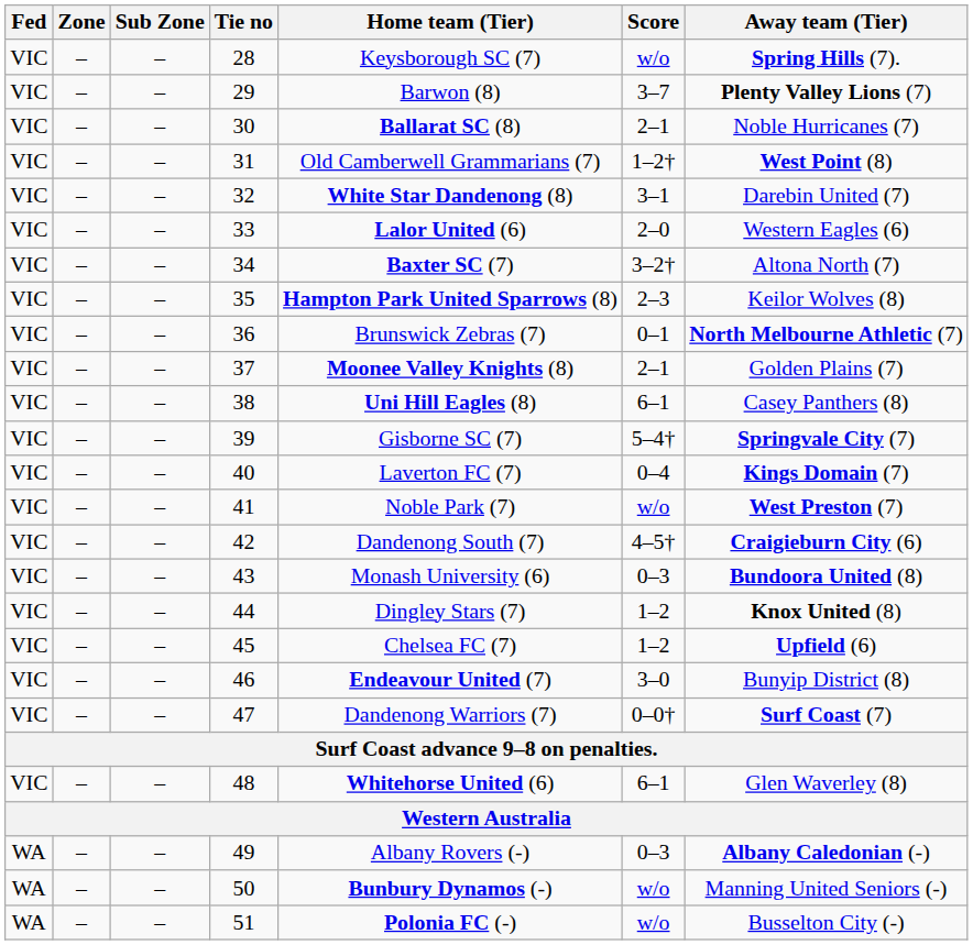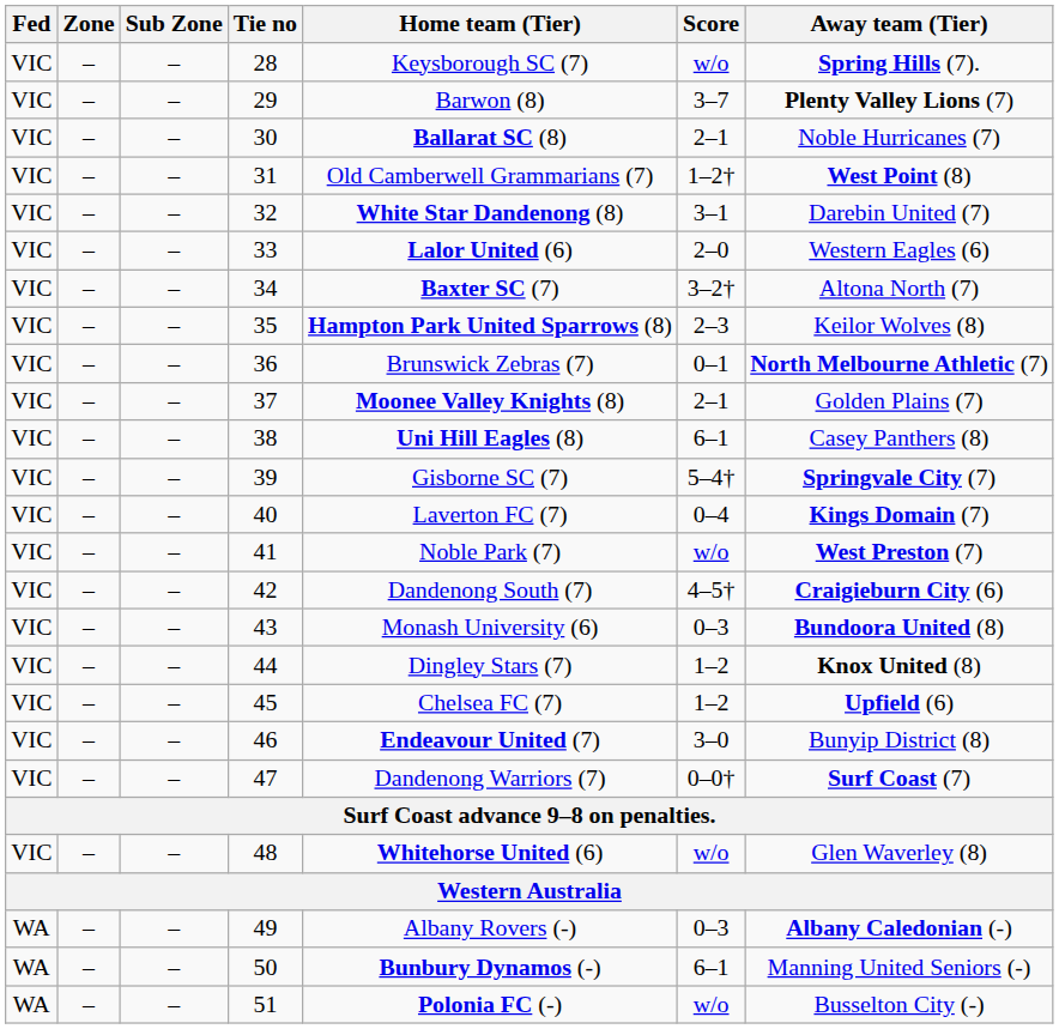 <table class="wikitable" style="text-align:center">
 <tr>
 <th>Fed</th>
 <th>Zone</th>
 <th>Sub Zone</th>
 <th>Tie no</th>
 <th>Home team (Tier)</th>
 <th>Score</th>
 <th>Away team (Tier)</th>
 </tr>
 <tr>
 <td>VIC</td>
 <td>–</td>
 <td>–</td>
 <td>28</td>
 <td><a href='#'>Keysborough SC</a> (7)</td>
 <td><a href='#'>w/o</a></td>
 <td><strong><a href='#'>Spring Hills</a></strong> (7).</td>
 </tr>
 <tr>
 <td>VIC</td>
 <td>–</td>
 <td>–</td>
 <td>29</td>
 <td><a href='#'>Barwon</a> (8)</td>
 <td>3–7</td>
 <td><strong>Plenty Valley Lions</strong> (7)</td>
 </tr>
 <tr>
 <td>VIC</td>
 <td>–</td>
 <td>–</td>
 <td>30</td>
 <td><strong><a href='#'>Ballarat SC</a></strong> (8)</td>
 <td>2–1</td>
 <td><a href='#'>Noble Hurricanes</a> (7)</td>
 </tr>
 <tr>
 <td>VIC</td>
 <td>–</td>
 <td>–</td>
 <td>31</td>
 <td><a href='#'>Old Camberwell Grammarians</a> (7)</td>
 <td>1–2†</td>
 <td><strong><a href='#'>West Point</a></strong> (8)</td>
 </tr>
 <tr>
 <td>VIC</td>
 <td>–</td>
 <td>–</td>
 <td>32</td>
 <td><strong><a href='#'>White Star Dandenong</a></strong> (8)</td>
 <td>3–1</td>
 <td><a href='#'>Darebin United</a> (7)</td>
 </tr>
 <tr>
 <td>VIC</td>
 <td>–</td>
 <td>–</td>
 <td>33</td>
 <td><strong><a href='#'>Lalor United</a></strong> (6)</td>
 <td>2–0</td>
 <td><a href='#'>Western Eagles</a> (6)</td>
 </tr>
 <tr>
 <td>VIC</td>
 <td>–</td>
 <td>–</td>
 <td>34</td>
 <td><strong><a href='#'>Baxter SC</a></strong> (7)</td>
 <td>3–2†</td>
 <td><a href='#'>Altona North</a> (7)</td>
 </tr>
 <tr>
 <td>VIC</td>
 <td>–</td>
 <td>–</td>
 <td>35</td>
 <td><strong><a href='#'>Hampton Park United Sparrows</a></strong> (8)</td>
 <td>2–3</td>
 <td><a href='#'>Keilor Wolves</a> (8)</td>
 </tr>
 <tr>
 <td>VIC</td>
 <td>–</td>
 <td>–</td>
 <td>36</td>
 <td><a href='#'>Brunswick Zebras</a> (7)</td>
 <td>0–1</td>
 <td><strong><a href='#'>North Melbourne Athletic</a></strong> (7)</td>
 </tr>
 <tr>
 <td>VIC</td>
 <td>–</td>
 <td>–</td>
 <td>37</td>
 <td><strong><a href='#'>Moonee Valley Knights</a></strong> (8)</td>
 <td>2–1</td>
 <td><a href='#'>Golden Plains</a> (7)</td>
 </tr>
 <tr>
 <td>VIC</td>
 <td>–</td>
 <td>–</td>
 <td>38</td>
 <td><strong><a href='#'>Uni Hill Eagles</a></strong> (8)</td>
 <td>6–1</td>
 <td><a href='#'>Casey Panthers</a> (8)</td>
 </tr>
 <tr>
 <td>VIC</td>
 <td>–</td>
 <td>–</td>
 <td>39</td>
 <td><a href='#'>Gisborne SC</a> (7)</td>
 <td>5–4†</td>
 <td><strong><a href='#'>Springvale City</a></strong> (7)</td>
 </tr>
 <tr>
 <td>VIC</td>
 <td>–</td>
 <td>–</td>
 <td>40</td>
 <td><a href='#'>Laverton FC</a> (7)</td>
 <td>0–4</td>
 <td><strong><a href='#'>Kings Domain</a></strong> (7)</td>
 </tr>
 <tr>
 <td>VIC</td>
 <td>–</td>
 <td>–</td>
 <td>41</td>
 <td><a href='#'>Noble Park</a> (7)</td>
 <td><a href='#'>w/o</a></td>
 <td><strong><a href='#'>West Preston</a></strong> (7)</td>
 </tr>
 <tr>
 <td>VIC</td>
 <td>–</td>
 <td>–</td>
 <td>42</td>
 <td><a href='#'>Dandenong South</a> (7)</td>
 <td>4–5†</td>
 <td><strong><a href='#'>Craigieburn City</a></strong> (6)</td>
 </tr>
 <tr>
 <td>VIC</td>
 <td>–</td>
 <td>–</td>
 <td>43</td>
 <td><a href='#'>Monash University</a> (6)</td>
 <td>0–3</td>
 <td><strong><a href='#'>Bundoora United</a></strong> (8)</td>
 </tr>
 <tr>
 <td>VIC</td>
 <td>–</td>
 <td>–</td>
 <td>44</td>
 <td><a href='#'>Dingley Stars</a> (7)</td>
 <td>1–2</td>
 <td><strong>Knox United</strong> (8)</td>
 </tr>
 <tr>
 <td>VIC</td>
 <td>–</td>
 <td>–</td>
 <td>45</td>
 <td><a href='#'>Chelsea FC</a> (7)</td>
 <td>1–2</td>
 <td><strong><a href='#'>Upfield</a></strong> (6)</td>
 </tr>
 <tr>
 <td>VIC</td>
 <td>–</td>
 <td>–</td>
 <td>46</td>
 <td><strong><a href='#'>Endeavour United</a></strong> (7)</td>
 <td>3–0</td>
 <td><a href='#'>Bunyip District</a> (8)</td>
 </tr>
 <tr>
 <td>VIC</td>
 <td>–</td>
 <td>–</td>
 <td>47</td>
 <td><a href='#'>Dandenong Warriors</a> (7)</td>
 <td>0–0†</td>
 <td><strong><a href='#'>Surf Coast</a></strong> (7)</td>
 </tr>
 <tr>
 <th colspan=7>Surf Coast advance 9–8 on penalties.</th>
 </tr>
 <tr>
 <td>VIC</td>
 <td>–</td>
 <td>–</td>
 <td>48</td>
 <td><strong><a href='#'>Whitehorse United</a></strong> (6)</td>
-<td>6–1</td>
+<td><a href='#'>w/o</a></td>
 <td><a href='#'>Glen Waverley</a> (8)</td>
 </tr>
 <tr>
 <th colspan=7><a href='#'>Western Australia</a></th>
 </tr>
 <tr>
 <td>WA</td>
 <td>–</td>
 <td>–</td>
 <td>49</td>
 <td><a href='#'>Albany Rovers</a> (-)</td>
 <td>0–3</td>
 <td><strong><a href='#'>Albany Caledonian</a></strong> (-)</td>
 </tr>
 <tr>
 <td>WA</td>
 <td>–</td>
 <td>–</td>
 <td>50</td>
 <td><strong><a href='#'>Bunbury Dynamos</a></strong> (-)</td>
-<td><a href='#'>w/o</a></td>
+<td>6–1</td>
 <td><a href='#'>Manning United Seniors</a> (-)</td>
 </tr>
 <tr>
 <td>WA</td>
 <td>–</td>
 <td>–</td>
 <td>51</td>
 <td><strong><a href='#'>Polonia FC</a></strong> (-)</td>
 <td><a href='#'>w/o</a></td>
 <td><a href='#'>Busselton City</a> (-)</td>
 </tr>
 </table>
